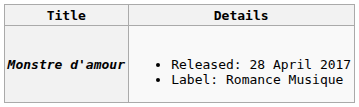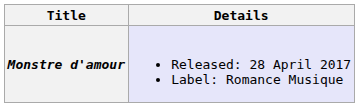 <table class="wikitable plainrowheaders">
 <tr>
 <th scope="col">Title</th>
 <th scope="col">Details</th>
 </tr>
 <tr>
 <th scope="row"><em>Monstre d'amour</em></th>
-<td><br><ul><li>Released: 28 April 2017</li><li>Label: Romance Musique</li></ul></td>
+<td style="background: lavender;"><br><ul><li>Released: 28 April 2017</li><li>Label: Romance Musique</li></ul></td>
 </tr>
 </table>
